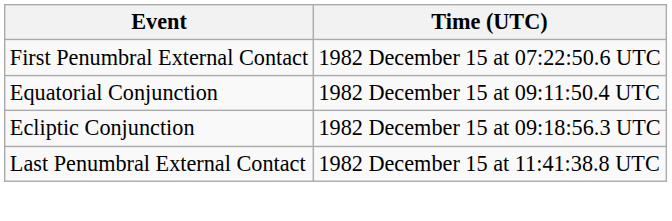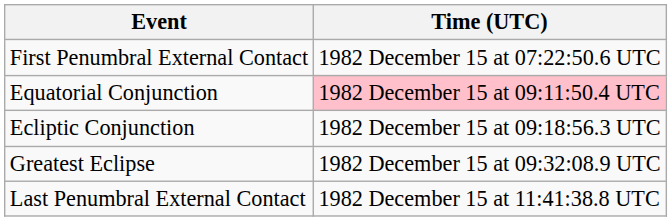 <table class="wikitable">
 <tr>
 <th>Event</th>
 <th>Time (UTC)</th>
 </tr>
 <tr>
 <td>First Penumbral External Contact</td>
 <td>1982 December 15 at 07:22:50.6 UTC</td>
 </tr>
 <tr>
 <td>Equatorial Conjunction</td>
-<td>1982 December 15 at 09:11:50.4 UTC</td>
+<td style="background: pink;">1982 December 15 at 09:11:50.4 UTC</td>
 </tr>
 <tr>
 <td>Ecliptic Conjunction</td>
 <td>1982 December 15 at 09:18:56.3 UTC</td>
 </tr>
 <tr>
+<td>Greatest Eclipse</td>
+<td>1982 December 15 at 09:32:08.9 UTC</td>
+</tr>
+<tr>
 <td>Last Penumbral External Contact</td>
 <td>1982 December 15 at 11:41:38.8 UTC</td>
 </tr>
 </table>
